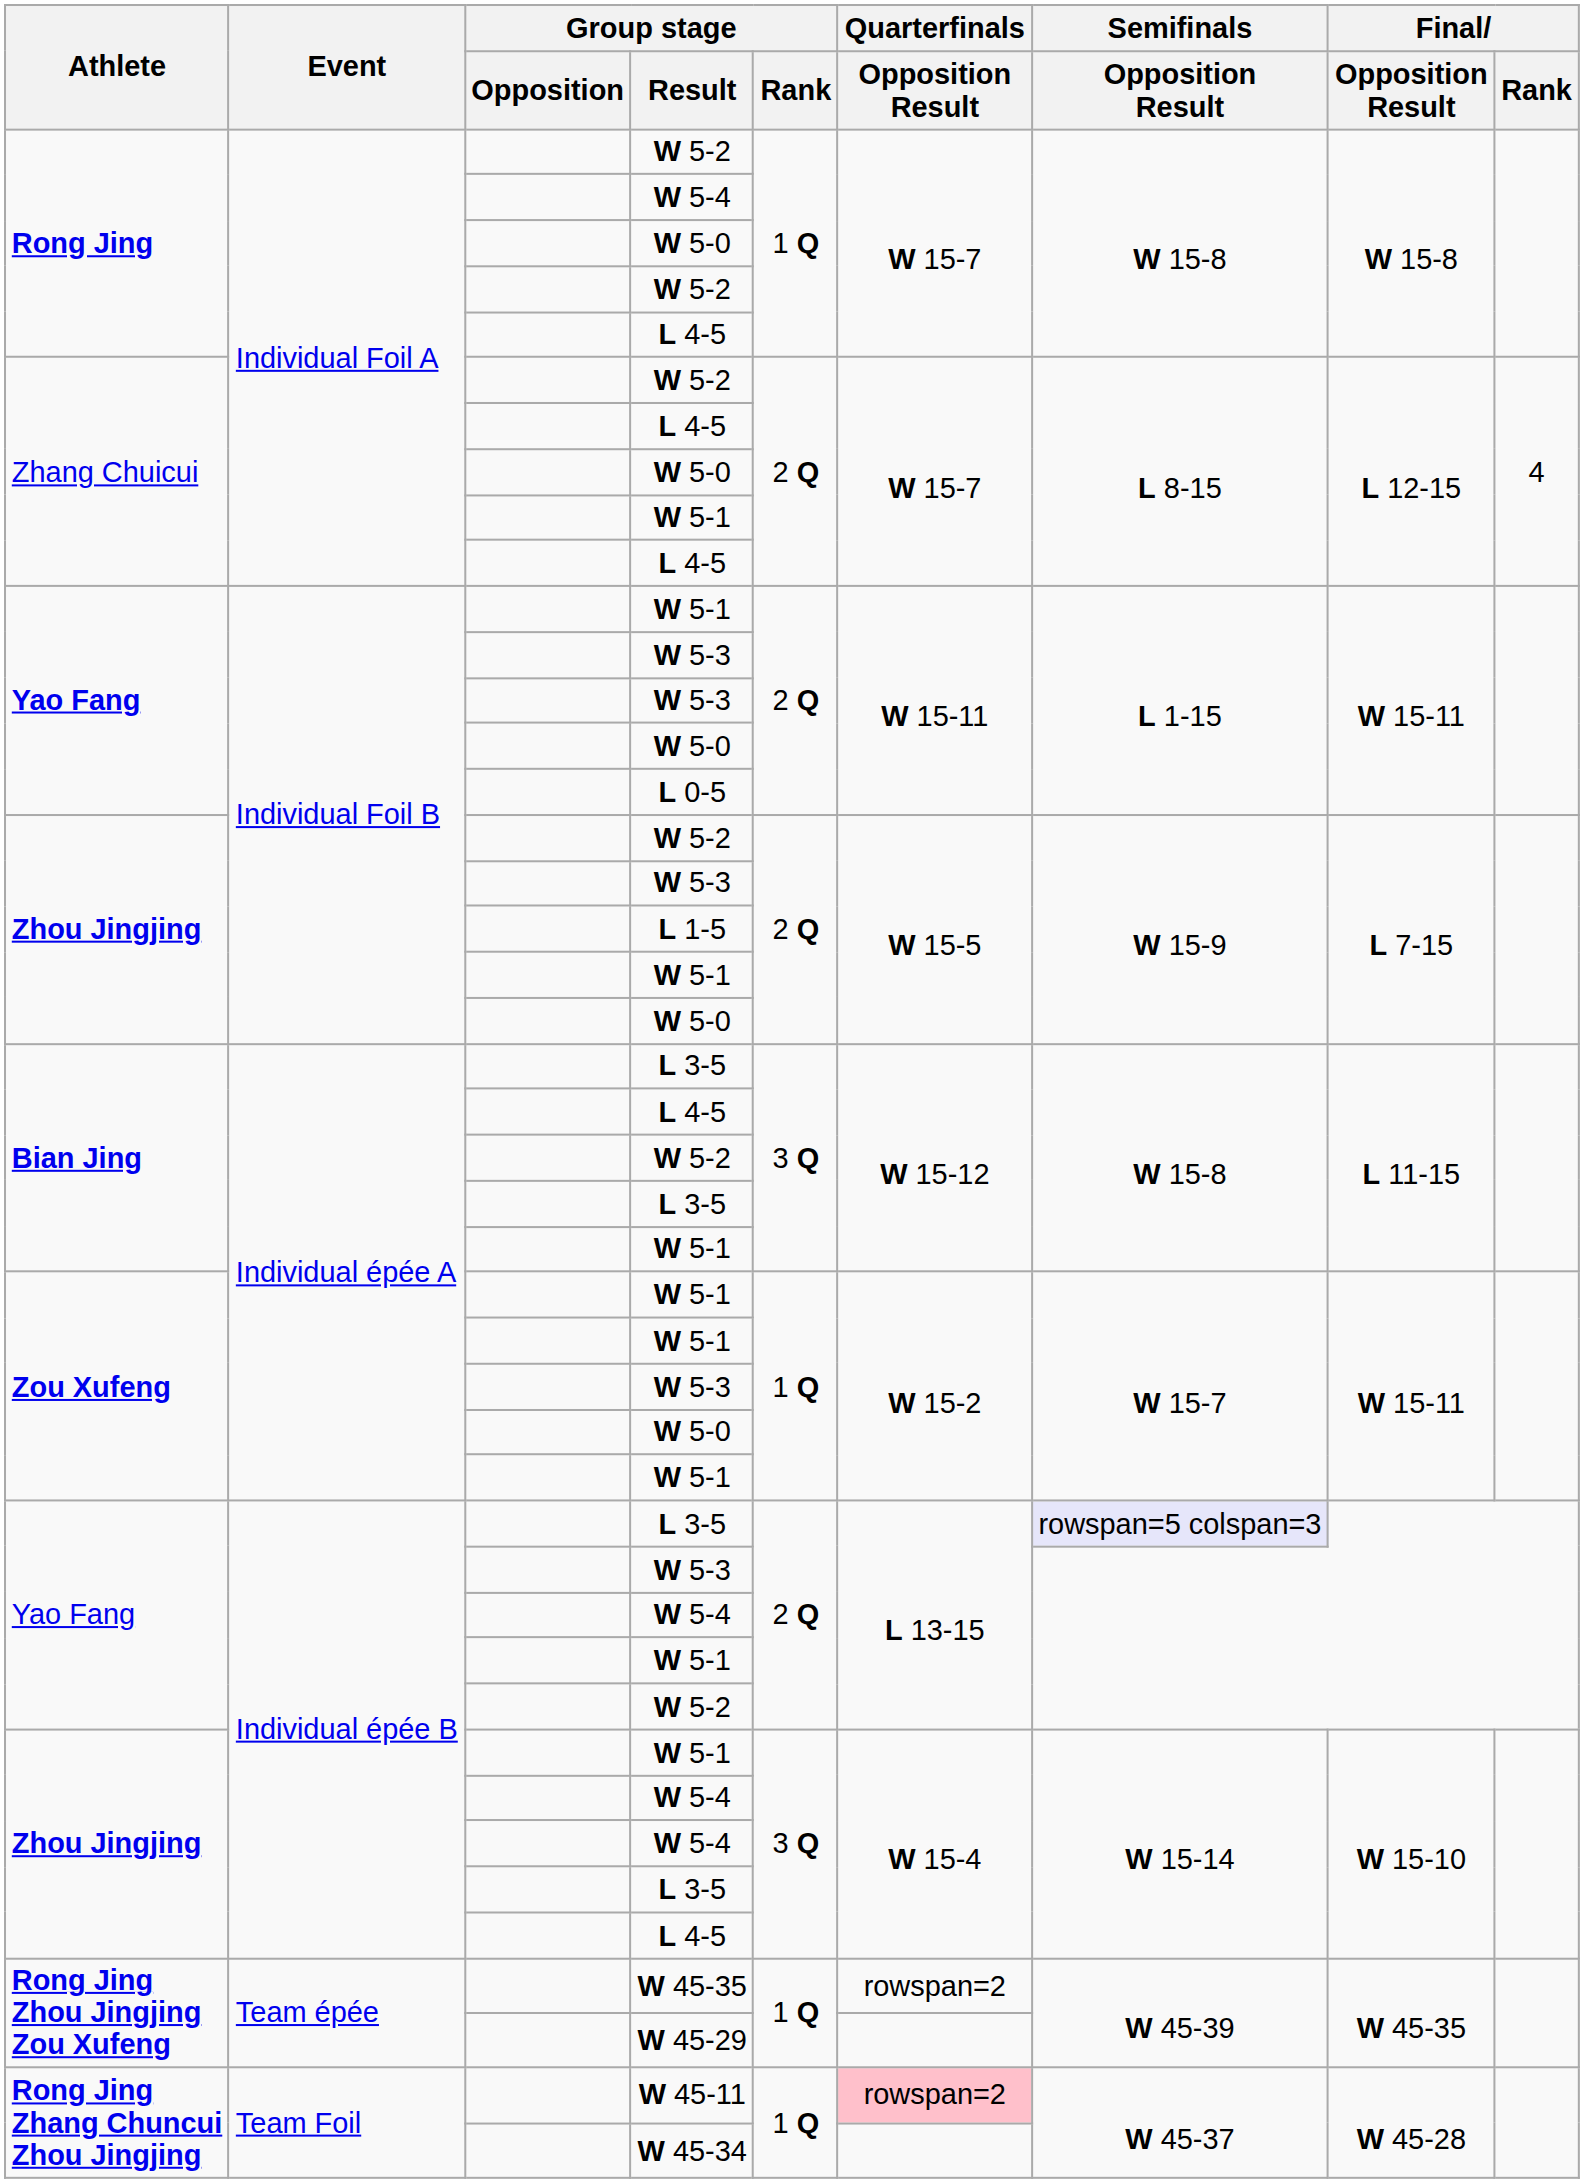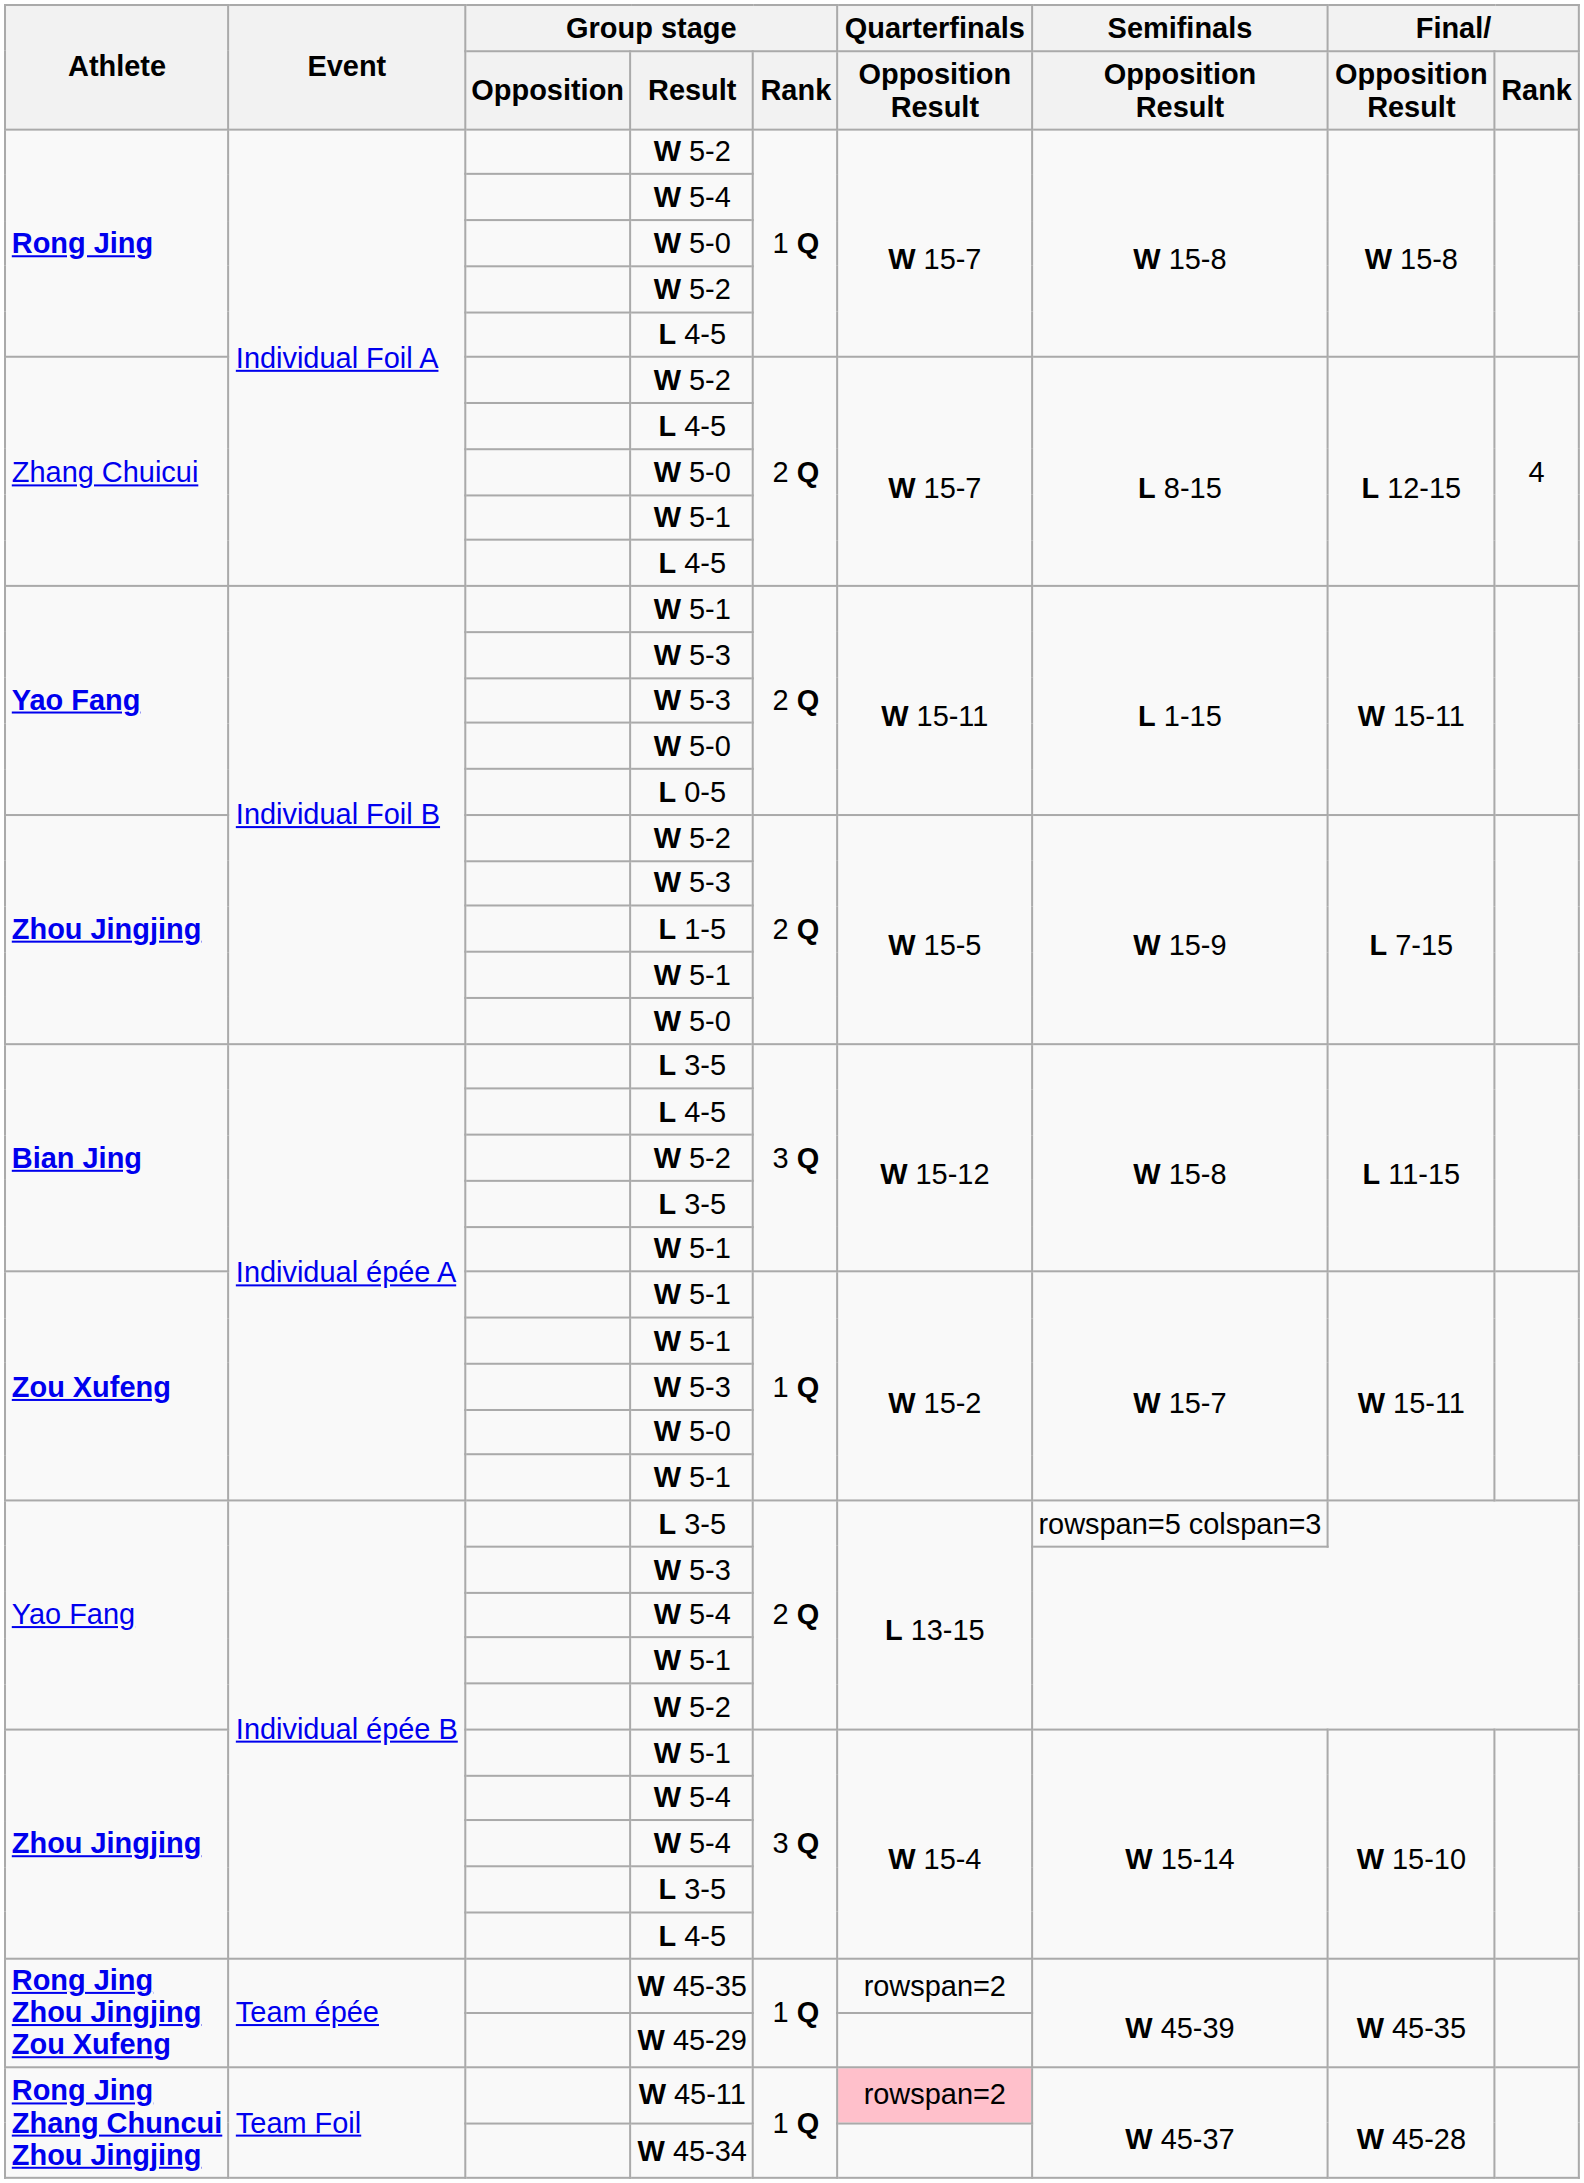 <table class=wikitable style="text-align: center; font-size:90%">
 <tr>
 <th rowspan="2">Athlete</th>
 <th rowspan="2">Event</th>
 <th colspan="3">Group stage</th>
 <th>Quarterfinals</th>
 <th>Semifinals</th>
 <th colspan="2">Final/</th>
 </tr>
 <tr>
 <th>Opposition</th>
 <th>Result</th>
 <th>Rank</th>
 <th>Opposition<br>Result</th>
 <th>Opposition<br>Result</th>
 <th>Opposition<br>Result</th>
 <th>Rank</th>
 </tr>
 <tr>
 <td align=left rowspan=5><strong><a href='#'>Rong Jing</a></strong></td>
 <td align=left rowspan=10><a href='#'>Individual Foil A</a></td>
 <td></td>
 <td><strong>W</strong> 5-2</td>
 <td rowspan=5>1 <strong>Q</strong></td>
 <td rowspan=5><br><strong>W</strong> 15-7</td>
 <td rowspan=5><br><strong>W</strong> 15-8</td>
 <td rowspan=5><br><strong>W</strong> 15-8</td>
 <td rowspan=5></td>
 </tr>
 <tr>
 <td></td>
 <td><strong>W</strong> 5-4</td>
 </tr>
 <tr>
 <td></td>
 <td><strong>W</strong> 5-0</td>
 </tr>
 <tr>
 <td></td>
 <td><strong>W</strong> 5-2</td>
 </tr>
 <tr>
 <td></td>
 <td><strong>L</strong> 4-5</td>
 </tr>
 <tr align=center>
 <td align=left rowspan=5><a href='#'>Zhang Chuicui</a></td>
 <td></td>
 <td><strong>W</strong> 5-2</td>
 <td rowspan=5>2 <strong>Q</strong></td>
 <td rowspan=5><br><strong>W</strong> 15-7</td>
 <td rowspan=5><br><strong>L</strong> 8-15</td>
 <td rowspan=5><br><strong>L</strong> 12-15</td>
 <td rowspan=5>4</td>
 </tr>
 <tr>
 <td></td>
 <td><strong>L</strong> 4-5</td>
 </tr>
 <tr>
 <td></td>
 <td><strong>W</strong> 5-0</td>
 </tr>
 <tr>
 <td></td>
 <td><strong>W</strong> 5-1</td>
 </tr>
 <tr>
 <td></td>
 <td><strong>L</strong> 4-5</td>
 </tr>
 <tr>
 <td align=left rowspan=5><strong><a href='#'>Yao Fang</a></strong></td>
 <td align=left rowspan=10><a href='#'>Individual Foil B</a></td>
 <td></td>
 <td><strong>W</strong> 5-1</td>
 <td rowspan=5>2 <strong>Q</strong></td>
 <td rowspan=5><br><strong>W</strong> 15-11</td>
 <td rowspan=5><br><strong>L</strong> 1-15</td>
 <td rowspan=5><br><strong>W</strong> 15-11</td>
 <td rowspan=5></td>
 </tr>
 <tr>
 <td></td>
 <td><strong>W</strong> 5-3</td>
 </tr>
 <tr>
 <td></td>
 <td><strong>W</strong> 5-3</td>
 </tr>
 <tr>
 <td></td>
 <td><strong>W</strong> 5-0</td>
 </tr>
 <tr>
 <td></td>
 <td><strong>L</strong> 0-5</td>
 </tr>
 <tr align=center>
 <td align=left rowspan=5><strong><a href='#'>Zhou Jingjing</a></strong></td>
 <td></td>
 <td><strong>W</strong> 5-2</td>
 <td rowspan=5>2 <strong>Q</strong></td>
 <td rowspan=5><br><strong>W</strong> 15-5</td>
 <td rowspan=5><br><strong>W</strong> 15-9</td>
 <td rowspan=5><br><strong>L</strong> 7-15</td>
 <td rowspan=5></td>
 </tr>
 <tr>
 <td></td>
 <td><strong>W</strong> 5-3</td>
 </tr>
 <tr>
 <td></td>
 <td><strong>L</strong> 1-5</td>
 </tr>
 <tr>
 <td></td>
 <td><strong>W</strong> 5-1</td>
 </tr>
 <tr>
 <td></td>
 <td><strong>W</strong> 5-0</td>
 </tr>
 <tr>
 <td align=left rowspan=5><strong><a href='#'>Bian Jing</a></strong></td>
 <td align=left rowspan=10><a href='#'>Individual épée  A</a></td>
 <td></td>
 <td><strong>L</strong> 3-5</td>
 <td rowspan=5>3 <strong>Q</strong></td>
 <td rowspan=5><br><strong>W</strong> 15-12</td>
 <td rowspan=5><br><strong>W</strong> 15-8</td>
 <td rowspan=5><br><strong>L</strong> 11-15</td>
 <td rowspan=5></td>
 </tr>
 <tr>
 <td></td>
 <td><strong>L</strong> 4-5</td>
 </tr>
 <tr>
 <td></td>
 <td><strong>W</strong> 5-2</td>
 </tr>
 <tr>
 <td></td>
 <td><strong>L</strong> 3-5</td>
 </tr>
 <tr>
 <td></td>
 <td><strong>W</strong> 5-1</td>
 </tr>
 <tr align=center>
 <td align=left rowspan=5><strong><a href='#'>Zou Xufeng</a></strong></td>
 <td></td>
 <td><strong>W</strong> 5-1</td>
 <td rowspan=5>1 <strong>Q</strong></td>
 <td rowspan=5><br><strong>W</strong> 15-2</td>
 <td rowspan=5><br><strong>W</strong> 15-7</td>
 <td rowspan=5><br><strong>W</strong> 15-11</td>
 <td rowspan=5></td>
 </tr>
 <tr>
 <td></td>
 <td><strong>W</strong> 5-1</td>
 </tr>
 <tr>
 <td></td>
 <td><strong>W</strong> 5-3</td>
 </tr>
 <tr>
 <td></td>
 <td><strong>W</strong> 5-0</td>
 </tr>
 <tr>
 <td></td>
 <td><strong>W</strong> 5-1</td>
 </tr>
 <tr>
 <td align=left rowspan=5><a href='#'>Yao Fang</a></td>
 <td align=left rowspan=10><a href='#'>Individual épée  B</a></td>
 <td></td>
 <td><strong>L</strong> 3-5</td>
 <td rowspan=5>2 <strong>Q</strong></td>
 <td rowspan=5><br><strong>L</strong> 13-15</td>
-<td style="background: lavender;">rowspan=5 colspan=3 </td>
+<td>rowspan=5 colspan=3 </td>
 </tr>
 <tr>
 <td></td>
 <td><strong>W</strong> 5-3</td>
 </tr>
 <tr>
 <td></td>
 <td><strong>W</strong> 5-4</td>
 </tr>
 <tr>
 <td></td>
 <td><strong>W</strong> 5-1</td>
 </tr>
 <tr>
 <td></td>
 <td><strong>W</strong> 5-2</td>
 </tr>
 <tr align=center>
 <td align=left rowspan=5><strong><a href='#'>Zhou Jingjing</a></strong></td>
 <td></td>
 <td><strong>W</strong> 5-1</td>
 <td rowspan=5>3 <strong>Q</strong></td>
 <td rowspan=5><br><strong>W</strong> 15-4</td>
 <td rowspan=5><br><strong>W</strong> 15-14</td>
 <td rowspan=5><br><strong>W</strong> 15-10</td>
 <td rowspan=5></td>
 </tr>
 <tr>
 <td></td>
 <td><strong>W</strong> 5-4</td>
 </tr>
 <tr>
 <td></td>
 <td><strong>W</strong> 5-4</td>
 </tr>
 <tr>
 <td></td>
 <td><strong>L</strong> 3-5</td>
 </tr>
 <tr>
 <td></td>
 <td><strong>L</strong> 4-5</td>
 </tr>
 <tr>
 <td align=left rowspan=2><strong><a href='#'>Rong Jing</a><br><a href='#'>Zhou Jingjing</a><br><a href='#'>Zou Xufeng</a></strong></td>
 <td align=left rowspan=2><a href='#'>Team épée</a></td>
 <td></td>
 <td><strong>W</strong> 45-35</td>
 <td rowspan=2>1 <strong>Q</strong></td>
 <td>rowspan=2</td>
 <td rowspan=2><br><strong>W</strong> 45-39</td>
 <td rowspan=2><br><strong>W</strong> 45-35</td>
 <td rowspan=2></td>
 </tr>
 <tr>
 <td></td>
 <td><strong>W</strong> 45-29</td>
 </tr>
 <tr>
 <td align=left rowspan=2><strong><a href='#'>Rong Jing</a><br><a href='#'>Zhang Chuncui</a><br><a href='#'>Zhou Jingjing</a></strong></td>
 <td align=left rowspan=2><a href='#'>Team Foil</a></td>
 <td></td>
 <td><strong>W</strong> 45-11</td>
 <td rowspan=2>1 <strong>Q</strong></td>
 <td style="background: pink;">rowspan=2</td>
 <td rowspan=2><br><strong>W</strong> 45-37</td>
 <td rowspan=2><br><strong>W</strong> 45-28</td>
 <td rowspan=2></td>
 </tr>
 <tr>
 <td></td>
 <td><strong>W</strong> 45-34</td>
 </tr>
 </table>
